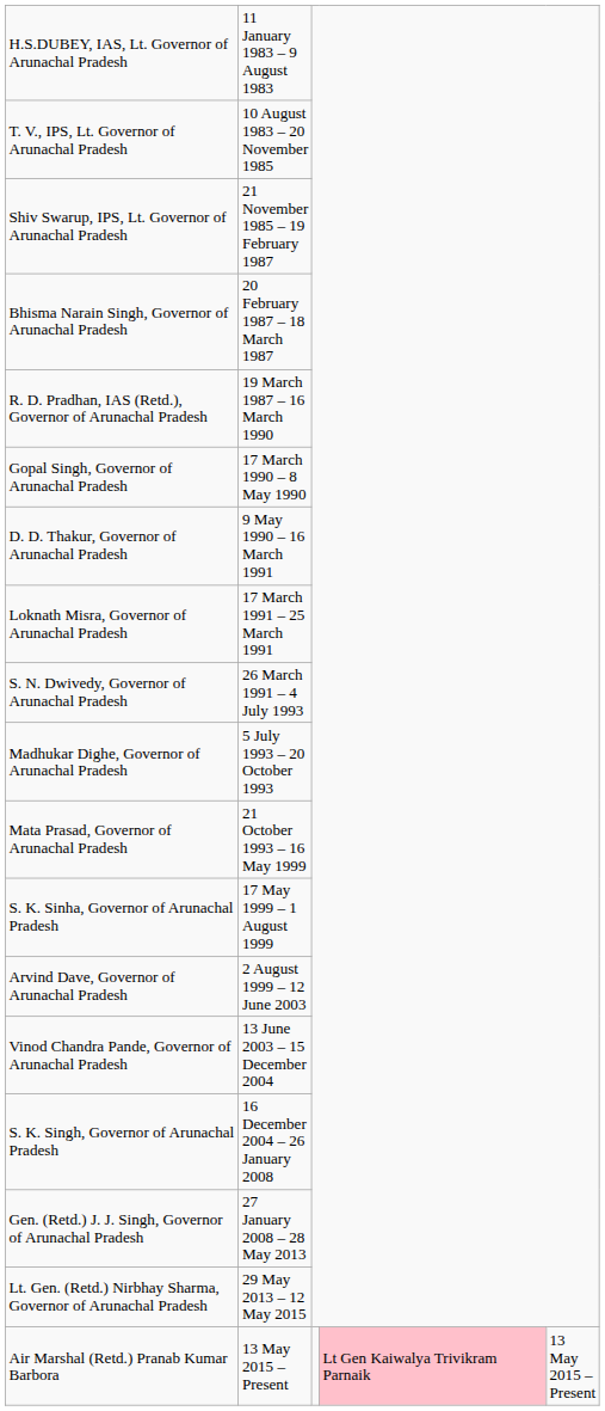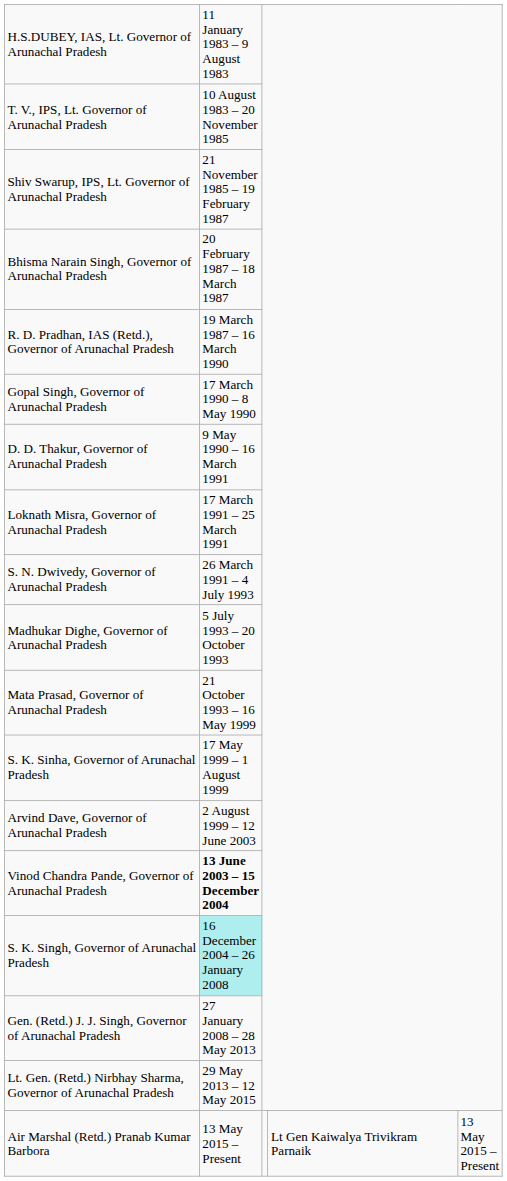 <table class="wikitable">
 <tr>
 <td style="width:50%;">H.S.DUBEY, IAS, Lt. Governor of Arunachal Pradesh</td>
 <td>11 January 1983 – 9 August 1983</td>
 </tr>
 <tr>
 <td style="width:50%;">T. V., IPS, Lt. Governor of Arunachal Pradesh</td>
 <td>10 August 1983 – 20 November 1985</td>
 </tr>
 <tr>
 <td style="width:50%;">Shiv Swarup, IPS, Lt. Governor of Arunachal Pradesh</td>
 <td>21 November 1985 – 19 February 1987</td>
 </tr>
 <tr>
 <td style="width:50%;">Bhisma Narain Singh, Governor of Arunachal Pradesh</td>
 <td>20 February 1987 – 18 March 1987</td>
 </tr>
 <tr>
 <td style="width:50%;">R. D. Pradhan, IAS (Retd.), Governor of Arunachal Pradesh</td>
 <td>19 March 1987 – 16 March 1990</td>
 </tr>
 <tr>
 <td style="width:50%;">Gopal Singh, Governor of Arunachal Pradesh</td>
 <td>17 March 1990 – 8 May 1990</td>
 </tr>
 <tr>
 <td style="width:50%;">D. D. Thakur, Governor of Arunachal Pradesh</td>
 <td>9 May 1990 – 16 March 1991</td>
 </tr>
 <tr>
 <td style="width:50%;">Loknath Misra, Governor of Arunachal Pradesh</td>
 <td>17 March 1991 – 25 March 1991</td>
 </tr>
 <tr>
 <td style="width:50%;">S. N. Dwivedy, Governor of Arunachal Pradesh</td>
 <td>26 March 1991 – 4 July 1993</td>
 </tr>
 <tr>
 <td style="width:50%;">Madhukar Dighe, Governor of Arunachal Pradesh</td>
 <td>5 July 1993 – 20 October 1993</td>
 </tr>
 <tr>
 <td style="width:50%;">Mata Prasad, Governor of Arunachal Pradesh</td>
 <td>21 October 1993 – 16 May 1999</td>
 </tr>
 <tr>
 <td style="width:50%;">S. K. Sinha, Governor of Arunachal Pradesh</td>
 <td>17 May 1999 – 1 August 1999</td>
 </tr>
 <tr>
 <td style="width:50%;">Arvind Dave, Governor of Arunachal Pradesh</td>
 <td>2 August 1999 – 12 June 2003</td>
 </tr>
 <tr>
 <td style="width:50%;">Vinod Chandra Pande, Governor of Arunachal Pradesh</td>
-<td>13 June 2003 – 15 December 2004</td>
+<td><strong>13 June 2003 – 15 December 2004</strong></td>
 </tr>
 <tr>
 <td style="width:50%;">S. K. Singh, Governor of Arunachal Pradesh</td>
-<td>16 December 2004 – 26 January 2008</td>
+<td style="background: paleturquoise;">16 December 2004 – 26 January 2008</td>
 </tr>
 <tr>
 <td style="width:50%;">Gen. (Retd.) J. J. Singh, Governor of Arunachal Pradesh</td>
 <td>27 January 2008 – 28 May 2013</td>
 </tr>
 <tr>
 <td style="width:50%;">Lt. Gen. (Retd.) Nirbhay Sharma, Governor of Arunachal Pradesh</td>
 <td>29 May 2013 – 12 May 2015</td>
 </tr>
 <tr>
 <td style="width:50%;">Air Marshal (Retd.) Pranab Kumar Barbora</td>
 <td>13 May 2015 – Present</td>
 <td></td>
-<td style="background: pink; width:50%;">Lt Gen Kaiwalya Trivikram Parnaik</td>
+<td style="width:50%;">Lt Gen Kaiwalya Trivikram Parnaik</td>
 <td>13 May 2015 – Present</td>
 </tr>
 </table>
